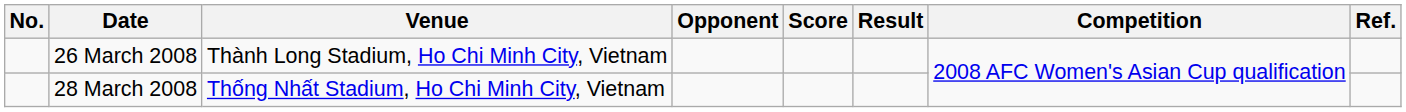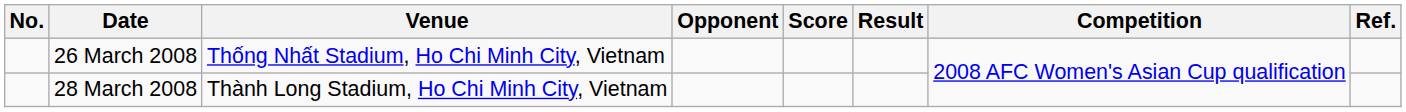 <table class="wikitable">
 <tr>
 <th>No.</th>
 <th>Date</th>
 <th>Venue</th>
 <th>Opponent</th>
 <th>Score</th>
 <th>Result</th>
 <th>Competition</th>
 <th>Ref.</th>
 </tr>
 <tr>
 <td></td>
 <td>26 March 2008</td>
-<td>Thành Long Stadium, <a href='#'>Ho Chi Minh City</a>, Vietnam</td>
+<td><a href='#'>Thống Nhất Stadium</a>, <a href='#'>Ho Chi Minh City</a>, Vietnam</td>
 <td></td>
 <td></td>
 <td></td>
 <td rowspan=2><a href='#'>2008 AFC Women's Asian Cup qualification</a></td>
 <td></td>
 </tr>
 <tr>
 <td></td>
 <td>28 March 2008</td>
-<td><a href='#'>Thống Nhất Stadium</a>, <a href='#'>Ho Chi Minh City</a>, Vietnam</td>
+<td>Thành Long Stadium, <a href='#'>Ho Chi Minh City</a>, Vietnam</td>
 <td></td>
 <td></td>
 <td></td>
 <td></td>
 </tr>
 </table>
